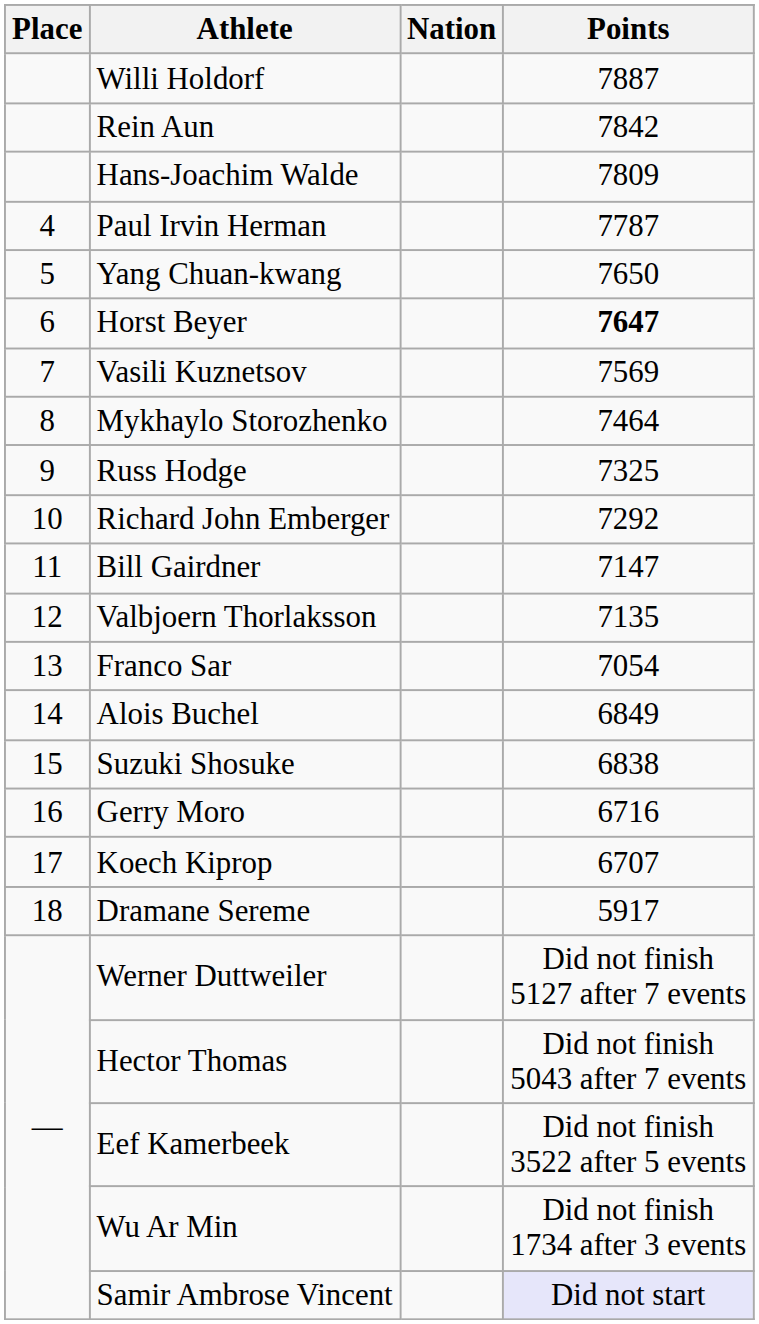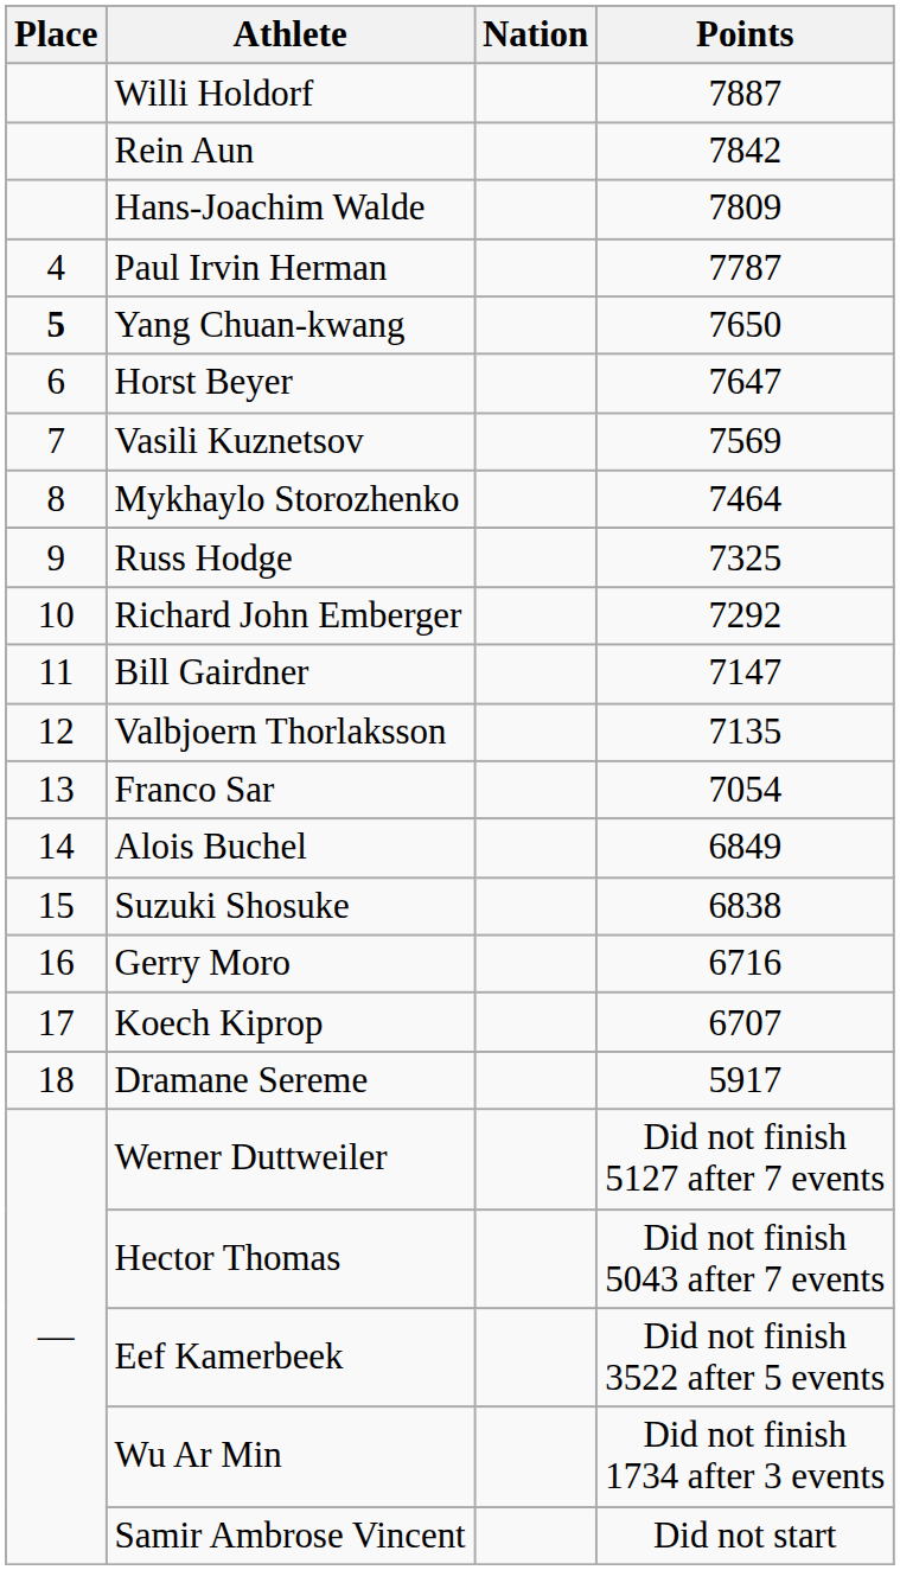 <table class=wikitable>
 <tr>
 <th>Place</th>
 <th>Athlete</th>
 <th>Nation</th>
 <th>Points</th>
 </tr>
 <tr align=center>
 <td></td>
 <td align=left>Willi Holdorf</td>
 <td align=left></td>
 <td>7887</td>
 </tr>
 <tr align=center>
 <td></td>
 <td align=left>Rein Aun</td>
 <td align=left></td>
 <td>7842</td>
 </tr>
 <tr align=center>
 <td></td>
 <td align=left>Hans-Joachim Walde</td>
 <td align=left></td>
 <td>7809</td>
 </tr>
 <tr align=center>
 <td>4</td>
 <td align=left>Paul Irvin Herman</td>
 <td align=left></td>
 <td>7787</td>
 </tr>
 <tr align=center>
-<td>5</td>
+<td><strong>5</strong></td>
 <td align=left>Yang Chuan-kwang</td>
 <td align=left></td>
 <td>7650</td>
 </tr>
 <tr align=center>
 <td>6</td>
 <td align=left>Horst Beyer</td>
 <td align=left></td>
-<td><strong>7647</strong></td>
+<td>7647</td>
 </tr>
 <tr align=center>
 <td>7</td>
 <td align=left>Vasili Kuznetsov</td>
 <td align=left></td>
 <td>7569</td>
 </tr>
 <tr align=center>
 <td>8</td>
 <td align=left>Mykhaylo Storozhenko</td>
 <td align=left></td>
 <td>7464</td>
 </tr>
 <tr align=center>
 <td>9</td>
 <td align=left>Russ Hodge</td>
 <td align=left></td>
 <td>7325</td>
 </tr>
 <tr align=center>
 <td>10</td>
 <td align=left>Richard John Emberger</td>
 <td align=left></td>
 <td>7292</td>
 </tr>
 <tr align=center>
 <td>11</td>
 <td align=left>Bill Gairdner</td>
 <td align=left></td>
 <td>7147</td>
 </tr>
 <tr align=center>
 <td>12</td>
 <td align=left>Valbjoern Thorlaksson</td>
 <td align=left></td>
 <td>7135</td>
 </tr>
 <tr align=center>
 <td>13</td>
 <td align=left>Franco Sar</td>
 <td align=left></td>
 <td>7054</td>
 </tr>
 <tr align=center>
 <td>14</td>
 <td align=left>Alois Buchel</td>
 <td align=left></td>
 <td>6849</td>
 </tr>
 <tr align=center>
 <td>15</td>
 <td align=left>Suzuki Shosuke</td>
 <td align=left></td>
 <td>6838</td>
 </tr>
 <tr align=center>
 <td>16</td>
 <td align=left>Gerry Moro</td>
 <td align=left></td>
 <td>6716</td>
 </tr>
 <tr align=center>
 <td>17</td>
 <td align=left>Koech Kiprop</td>
 <td align=left></td>
 <td>6707</td>
 </tr>
 <tr align=center>
 <td>18</td>
 <td align=left>Dramane Sereme</td>
 <td align=left></td>
 <td>5917</td>
 </tr>
 <tr align=center>
 <td rowspan=5>—</td>
 <td align=left>Werner Duttweiler</td>
 <td align=left></td>
 <td>Did not finish <br> 5127 after 7 events</td>
 </tr>
 <tr align=center>
 <td align=left>Hector Thomas</td>
 <td align=left></td>
 <td>Did not finish <br> 5043 after 7 events</td>
 </tr>
 <tr align=center>
 <td align=left>Eef Kamerbeek</td>
 <td align=left></td>
 <td>Did not finish <br> 3522 after 5 events</td>
 </tr>
 <tr align=center>
 <td align=left>Wu Ar Min</td>
 <td align=left></td>
 <td>Did not finish <br> 1734 after 3 events</td>
 </tr>
 <tr align=center>
 <td align=left>Samir Ambrose Vincent</td>
 <td align=left></td>
-<td style="background: lavender;">Did not start</td>
+<td>Did not start</td>
 </tr>
 </table>
